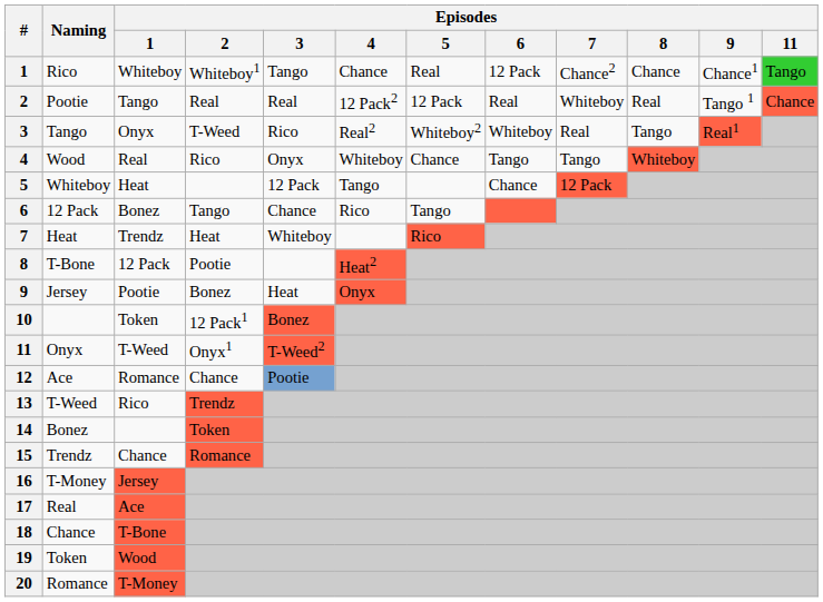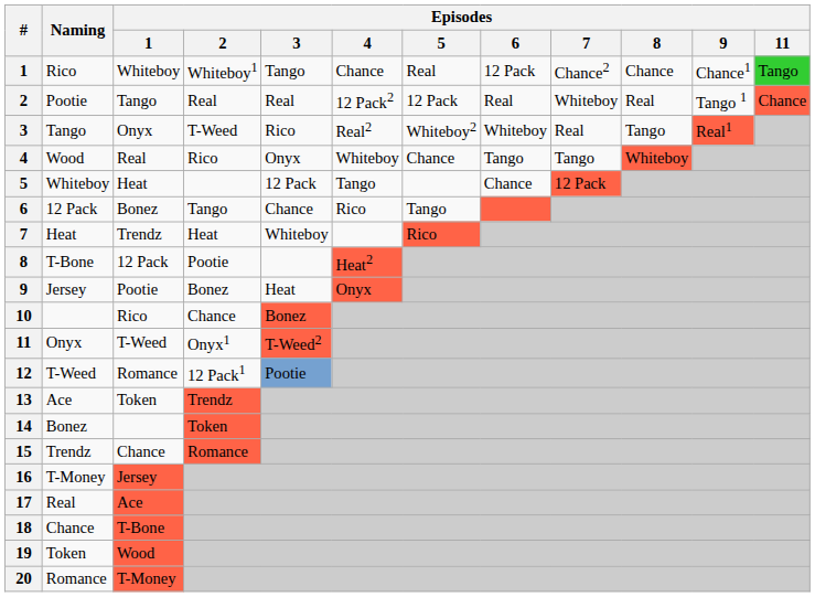 <table class="wikitable">
 <tr>
 <th width="30" rowspan=2>#</th>
 <th rowspan=2>Naming</th>
 <th colspan=10>Episodes</th>
 </tr>
 <tr>
 <th>1</th>
 <th>2</th>
 <th>3</th>
 <th>4</th>
 <th>5</th>
 <th>6</th>
 <th>7</th>
 <th>8</th>
 <th>9</th>
 <th>11</th>
 </tr>
 <tr>
 <th>1</th>
 <td>Rico</td>
 <td>Whiteboy</td>
 <td>Whiteboy<sup>1</sup></td>
 <td>Tango</td>
 <td>Chance</td>
 <td>Real</td>
 <td>12 Pack</td>
 <td>Chance<sup>2</sup></td>
 <td>Chance</td>
 <td>Chance<sup>1</sup></td>
 <td bgcolor="limegreen">Tango</td>
 </tr>
 <tr>
 <th>2</th>
 <td>Pootie</td>
 <td>Tango</td>
 <td>Real</td>
 <td>Real</td>
 <td>12 Pack<sup>2</sup></td>
 <td>12 Pack</td>
 <td>Real</td>
 <td>Whiteboy</td>
 <td>Real</td>
 <td>Tango <sup>1</sup></td>
 <td bgcolor="tomato">Chance</td>
 </tr>
 <tr>
 <th>3</th>
 <td>Tango</td>
 <td>Onyx</td>
 <td>T-Weed</td>
 <td>Rico</td>
 <td>Real<sup>2</sup></td>
 <td>Whiteboy<sup>2</sup></td>
 <td>Whiteboy</td>
 <td>Real</td>
 <td>Tango</td>
 <td bgcolor="tomato">Real<sup>1</sup></td>
 <td bgcolor="#CCCCCC"></td>
 </tr>
 <tr>
 <th>4</th>
 <td>Wood</td>
 <td>Real</td>
 <td>Rico</td>
 <td>Onyx</td>
 <td>Whiteboy</td>
 <td>Chance</td>
 <td>Tango</td>
 <td>Tango</td>
 <td bgcolor="tomato">Whiteboy</td>
 <td bgcolor="#CCCCCC" colspan=2></td>
 </tr>
 <tr>
 <th>5</th>
 <td>Whiteboy</td>
 <td>Heat</td>
 <td></td>
 <td>12 Pack</td>
 <td>Tango</td>
 <td></td>
 <td>Chance</td>
 <td bgcolor="tomato">12 Pack</td>
 <td bgcolor="#CCCCCC" colspan=3></td>
 </tr>
 <tr>
 <th>6</th>
 <td>12 Pack</td>
 <td>Bonez</td>
 <td>Tango</td>
 <td>Chance</td>
 <td>Rico</td>
 <td>Tango</td>
 <td bgcolor="tomato"></td>
 <td bgcolor="#CCCCCC" colspan=4></td>
 </tr>
 <tr>
 <th>7</th>
 <td>Heat</td>
 <td>Trendz</td>
 <td>Heat</td>
 <td>Whiteboy</td>
 <td></td>
 <td bgcolor="tomato">Rico</td>
 <td bgcolor="#CCCCCC" colspan=5></td>
 </tr>
 <tr>
 <th>8</th>
 <td>T-Bone</td>
 <td>12 Pack</td>
 <td>Pootie</td>
 <td></td>
 <td bgcolor="tomato">Heat<sup>2</sup></td>
 <td bgcolor="#CCCCCC" colspan=6></td>
 </tr>
 <tr>
 <th>9</th>
 <td>Jersey</td>
 <td>Pootie</td>
 <td>Bonez</td>
 <td>Heat</td>
 <td bgcolor="tomato">Onyx</td>
 <td bgcolor="#CCCCCC" colspan=6></td>
 </tr>
 <tr>
 <th>10</th>
 <td></td>
-<td>Token</td>
-<td>12 Pack<sup>1</sup></td>
+<td>Rico</td>
+<td>Chance</td>
 <td bgcolor="tomato">Bonez</td>
 <td bgcolor="#CCCCCC" colspan=7></td>
 </tr>
 <tr>
 <th>11</th>
 <td>Onyx</td>
 <td>T-Weed</td>
 <td>Onyx<sup>1</sup></td>
 <td bgcolor="tomato">T-Weed<sup>2</sup></td>
 <td bgcolor="#CCCCCC" colspan=7></td>
 </tr>
 <tr>
 <th>12</th>
-<td>Ace</td>
+<td>T-Weed</td>
 <td>Romance</td>
-<td>Chance</td>
+<td>12 Pack<sup>1</sup></td>
 <td bgcolor="#75A1D0">Pootie</td>
 <td bgcolor="#CCCCCC" colspan=7></td>
 </tr>
 <tr>
 <th>13</th>
-<td>T-Weed</td>
-<td>Rico</td>
+<td>Ace</td>
+<td>Token</td>
 <td bgcolor="tomato">Trendz</td>
 <td bgcolor="#CCCCCC" colspan=8></td>
 </tr>
 <tr>
 <th>14</th>
 <td>Bonez</td>
 <td></td>
 <td bgcolor="tomato">Token</td>
 <td bgcolor="#CCCCCC" colspan=8></td>
 </tr>
 <tr>
 <th>15</th>
 <td>Trendz</td>
 <td>Chance</td>
 <td bgcolor="tomato">Romance</td>
 <td bgcolor="#CCCCCC" colspan=8></td>
 </tr>
 <tr>
 <th>16</th>
 <td>T-Money</td>
 <td bgcolor="tomato">Jersey</td>
 <td bgcolor="#CCCCCC" colspan=9></td>
 </tr>
 <tr>
 <th>17</th>
 <td>Real</td>
 <td bgcolor="tomato">Ace</td>
 <td bgcolor="#CCCCCC" colspan=9></td>
 </tr>
 <tr>
 <th>18</th>
 <td>Chance</td>
 <td bgcolor="tomato">T-Bone</td>
 <td bgcolor="#CCCCCC" colspan=9></td>
 </tr>
 <tr>
 <th>19</th>
 <td>Token</td>
 <td bgcolor="tomato">Wood</td>
 <td bgcolor="#CCCCCC" colspan=9></td>
 </tr>
 <tr>
 <th>20</th>
 <td>Romance</td>
 <td bgcolor="tomato">T-Money</td>
 <td bgcolor="#CCCCCC" colspan=9></td>
 </tr>
 </table>
